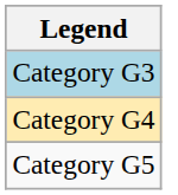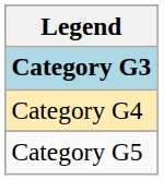 <table class=wikitable style="font-size:85%">
 <tr>
 <th>Legend</th>
 </tr>
 <tr bgcolor="lightblue">
-<td>Category G3</td>
+<td><strong>Category G3</strong></td>
 </tr>
 <tr bgcolor=#ffecb2>
 <td>Category G4</td>
 </tr>
 <tr>
 <td>Category G5</td>
 </tr>
 </table>
